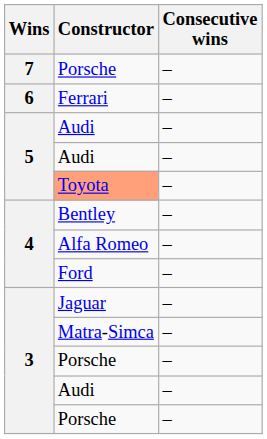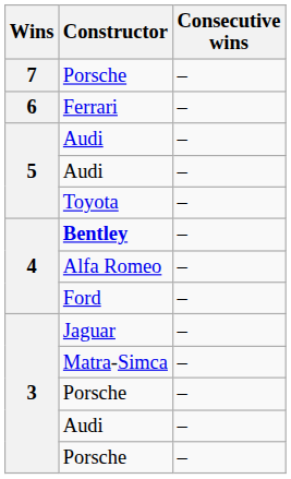 <table class="wikitable">
 <tr>
 <th>Wins</th>
 <th>Constructor</th>
 <th>Consecutive<br>wins</th>
 </tr>
 <tr>
 <th>7</th>
 <td> <a href='#'>Porsche</a></td>
 <td>–</td>
 </tr>
 <tr>
 <th>6</th>
 <td> <a href='#'>Ferrari</a></td>
 <td>–</td>
 </tr>
 <tr>
 <th rowspan="3">5</th>
 <td> <a href='#'>Audi</a></td>
 <td>–</td>
 </tr>
 <tr>
 <td> Audi</td>
 <td>–</td>
 </tr>
 <tr>
-<td style="background: lightsalmon;"> <a href='#'>Toyota</a></td>
+<td> <a href='#'>Toyota</a></td>
 <td>–</td>
 </tr>
 <tr>
 <th rowspan="3">4</th>
-<td> <a href='#'>Bentley</a></td>
+<td><strong> <a href='#'>Bentley</a></strong></td>
 <td>–</td>
 </tr>
 <tr>
 <td> <a href='#'>Alfa Romeo</a></td>
 <td>–</td>
 </tr>
 <tr>
 <td> <a href='#'>Ford</a></td>
 <td>–</td>
 </tr>
 <tr>
 <th rowspan="5">3</th>
 <td> <a href='#'>Jaguar</a></td>
 <td>–</td>
 </tr>
 <tr>
 <td> <a href='#'>Matra</a>-<a href='#'>Simca</a></td>
 <td>–</td>
 </tr>
 <tr>
 <td> Porsche</td>
 <td>–</td>
 </tr>
 <tr>
 <td> Audi</td>
 <td>–</td>
 </tr>
 <tr>
 <td> Porsche</td>
 <td>–</td>
 </tr>
 </table>
